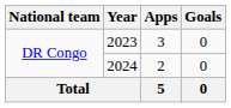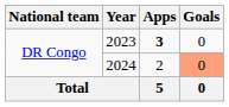 <table class="wikitable" style="text-align:center">
 <tr>
 <th>National team</th>
 <th>Year</th>
 <th>Apps</th>
 <th>Goals</th>
 </tr>
 <tr>
 <td rowspan="2"><a href='#'>DR Congo</a></td>
 <td>2023</td>
-<td>3</td>
+<td><strong>3</strong></td>
 <td>0</td>
 </tr>
 <tr>
 <td>2024</td>
 <td>2</td>
-<td>0</td>
+<td style="background: lightsalmon;">0</td>
 </tr>
 <tr>
 <th colspan="2">Total</th>
 <th>5</th>
 <th>0</th>
 </tr>
 </table>
